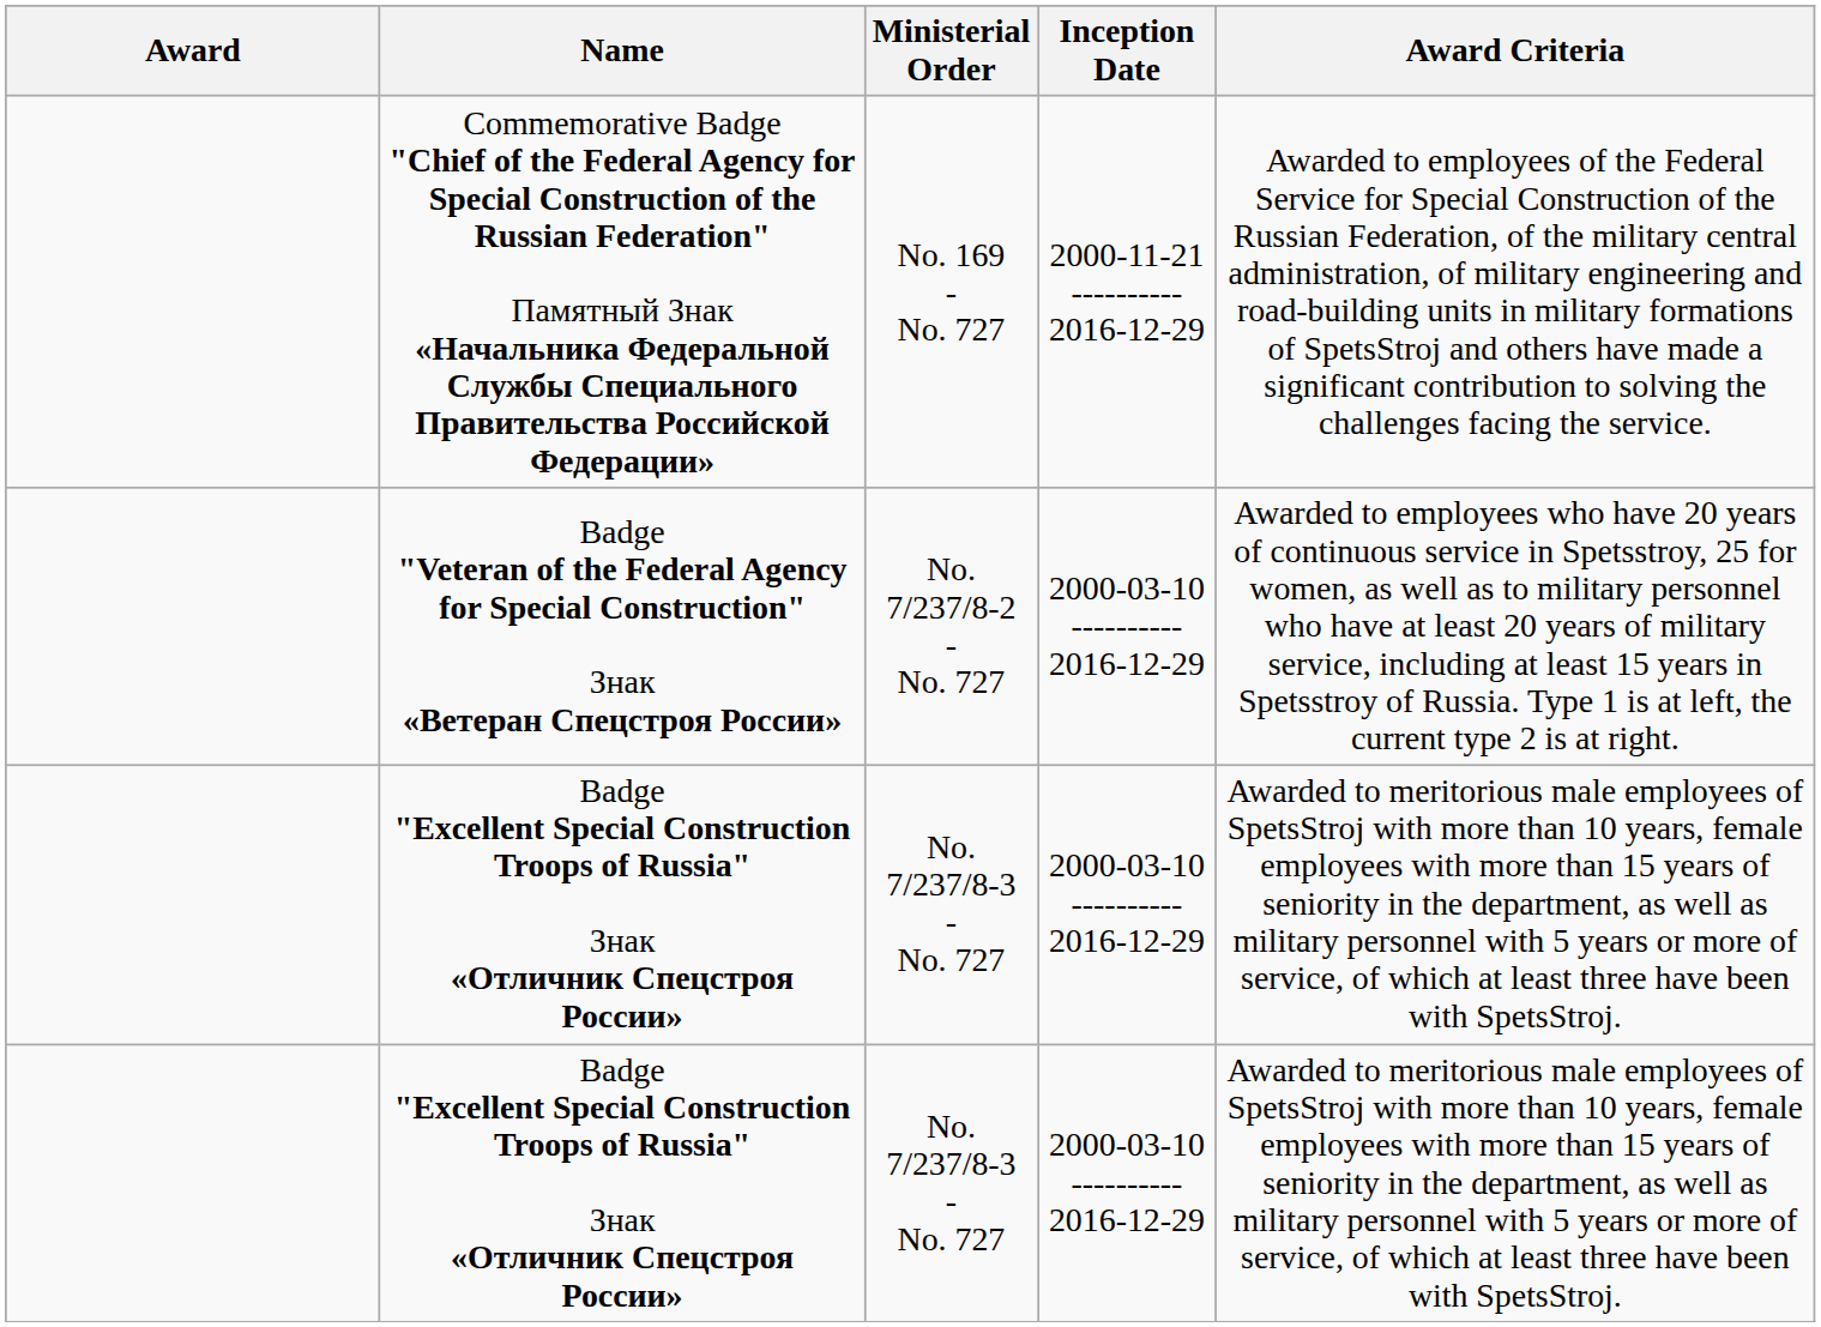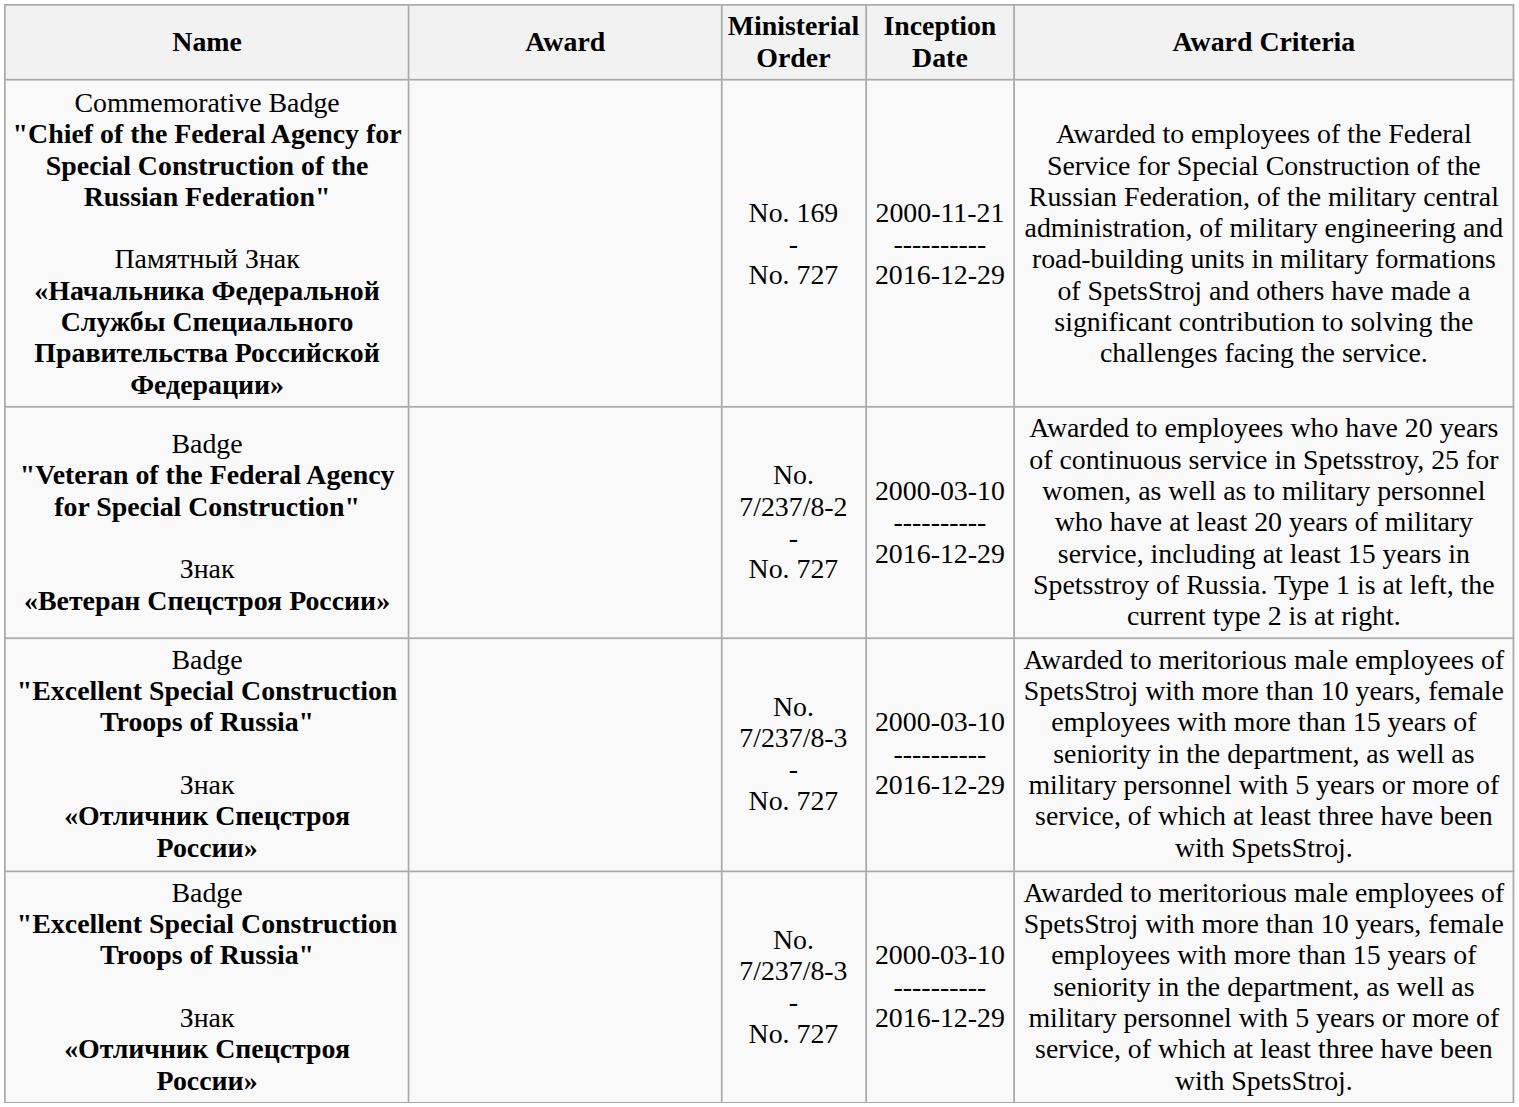 <table class="wikitable sortable" style="text-align:center">
 <tr>
+<th style="width:28%">Name </th>
 <th style="width:22%">Award</th>
-<th style="width:28%">Name </th>
 <th>Ministerial Order</th>
 <th style="width:10%">Inception Date</th>
 <th style="width:35%">Award Criteria</th>
 </tr>
 <tr>
+<td>Commemorative Badge<br><strong>"Chief of the Federal Agency for Special Construction of the Russian Federation"</strong><br><br>Памятный Знак<br><strong>«Начальника Федеральной Службы Специального Правительства Российской Федерации»</strong></td>
 <td></td>
-<td>Commemorative Badge<br><strong>"Chief of the Federal Agency for Special Construction of the Russian Federation"</strong><br><br>Памятный Знак<br><strong>«Начальника Федеральной Службы Специального Правительства Российской Федерации»</strong></td>
 <td>No. 169<br>-<br>No. 727</td>
 <td>2000-11-21<br>----------<br>2016-12-29</td>
 <td>Awarded to employees of the Federal Service for Special Construction of the Russian Federation, of the military central administration, of military engineering and road-building units in military formations of SpetsStroj and others have made a significant contribution to solving the challenges facing the service.</td>
 </tr>
 <tr>
+<td>Badge<br><strong>"Veteran of the Federal Agency for Special Construction"</strong><br><br>Знак<br><strong>«Ветеран Спецстроя России»</strong></td>
 <td></td>
-<td>Badge<br><strong>"Veteran of the Federal Agency for Special Construction"</strong><br><br>Знак<br><strong>«Ветеран Спецстроя России»</strong></td>
 <td>No. 7/237/8-2<br>-<br>No. 727</td>
 <td>2000-03-10<br>----------<br>2016-12-29</td>
 <td>Awarded to employees who have 20 years of continuous service in Spetsstroy, 25 for women, as well as to military personnel who have at least 20 years of military service, including at least 15 years in Spetsstroy of Russia. Type 1 is at left, the current type 2 is at right.</td>
 </tr>
 <tr>
+<td>Badge<br><strong>"Excellent Special Construction Troops of Russia"</strong><br><br>Знак<br><strong>«Отличник Спецстроя России»</strong></td>
 <td></td>
-<td>Badge<br><strong>"Excellent Special Construction Troops of Russia"</strong><br><br>Знак<br><strong>«Отличник Спецстроя России»</strong></td>
 <td>No. 7/237/8-3<br>-<br>No. 727</td>
 <td>2000-03-10<br>----------<br>2016-12-29</td>
 <td>Awarded to meritorious male employees of SpetsStroj with more than 10 years, female employees with more than 15 years of seniority in the department, as well as military personnel with 5 years or more of service, of which at least three have been with SpetsStroj.</td>
 </tr>
 <tr>
+<td>Badge<br><strong>"Excellent Special Construction Troops of Russia"</strong><br><br>Знак<br><strong>«Отличник Спецстроя России»</strong></td>
 <td></td>
-<td>Badge<br><strong>"Excellent Special Construction Troops of Russia"</strong><br><br>Знак<br><strong>«Отличник Спецстроя России»</strong></td>
 <td>No. 7/237/8-3<br>-<br>No. 727</td>
 <td>2000-03-10<br>----------<br>2016-12-29</td>
 <td>Awarded to meritorious male employees of SpetsStroj with more than 10 years, female employees with more than 15 years of seniority in the department, as well as military personnel with 5 years or more of service, of which at least three have been with SpetsStroj.</td>
 </tr>
 </table>
